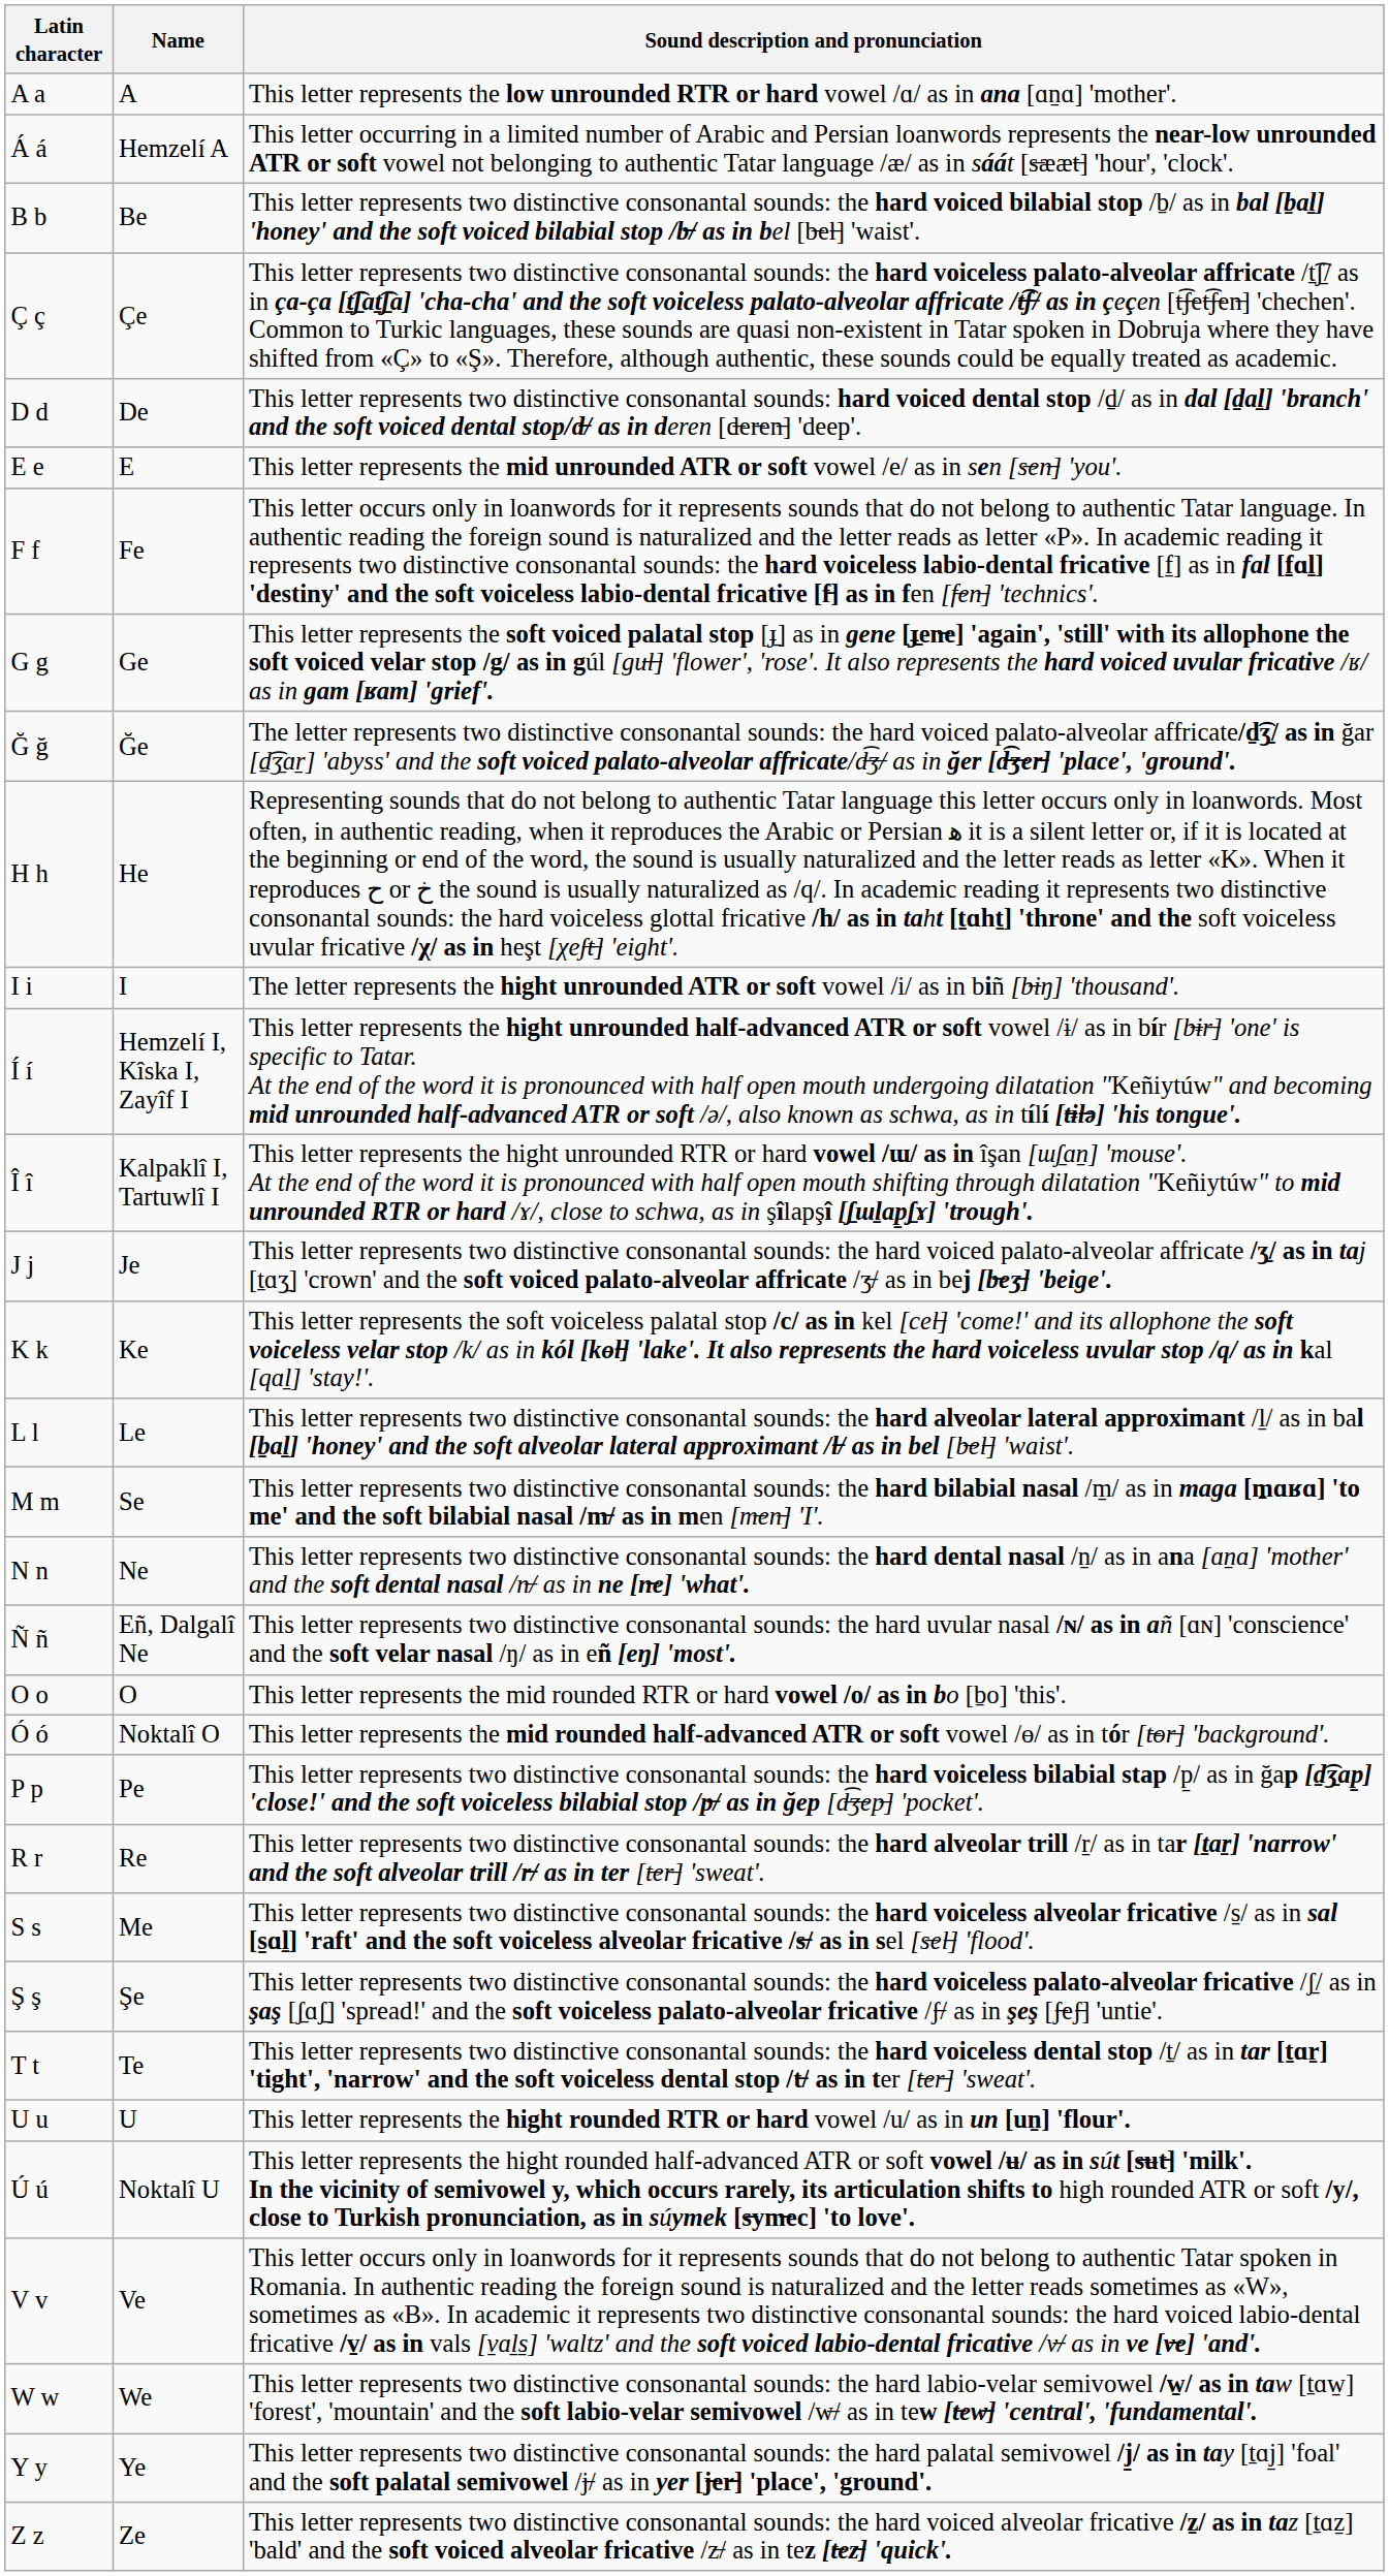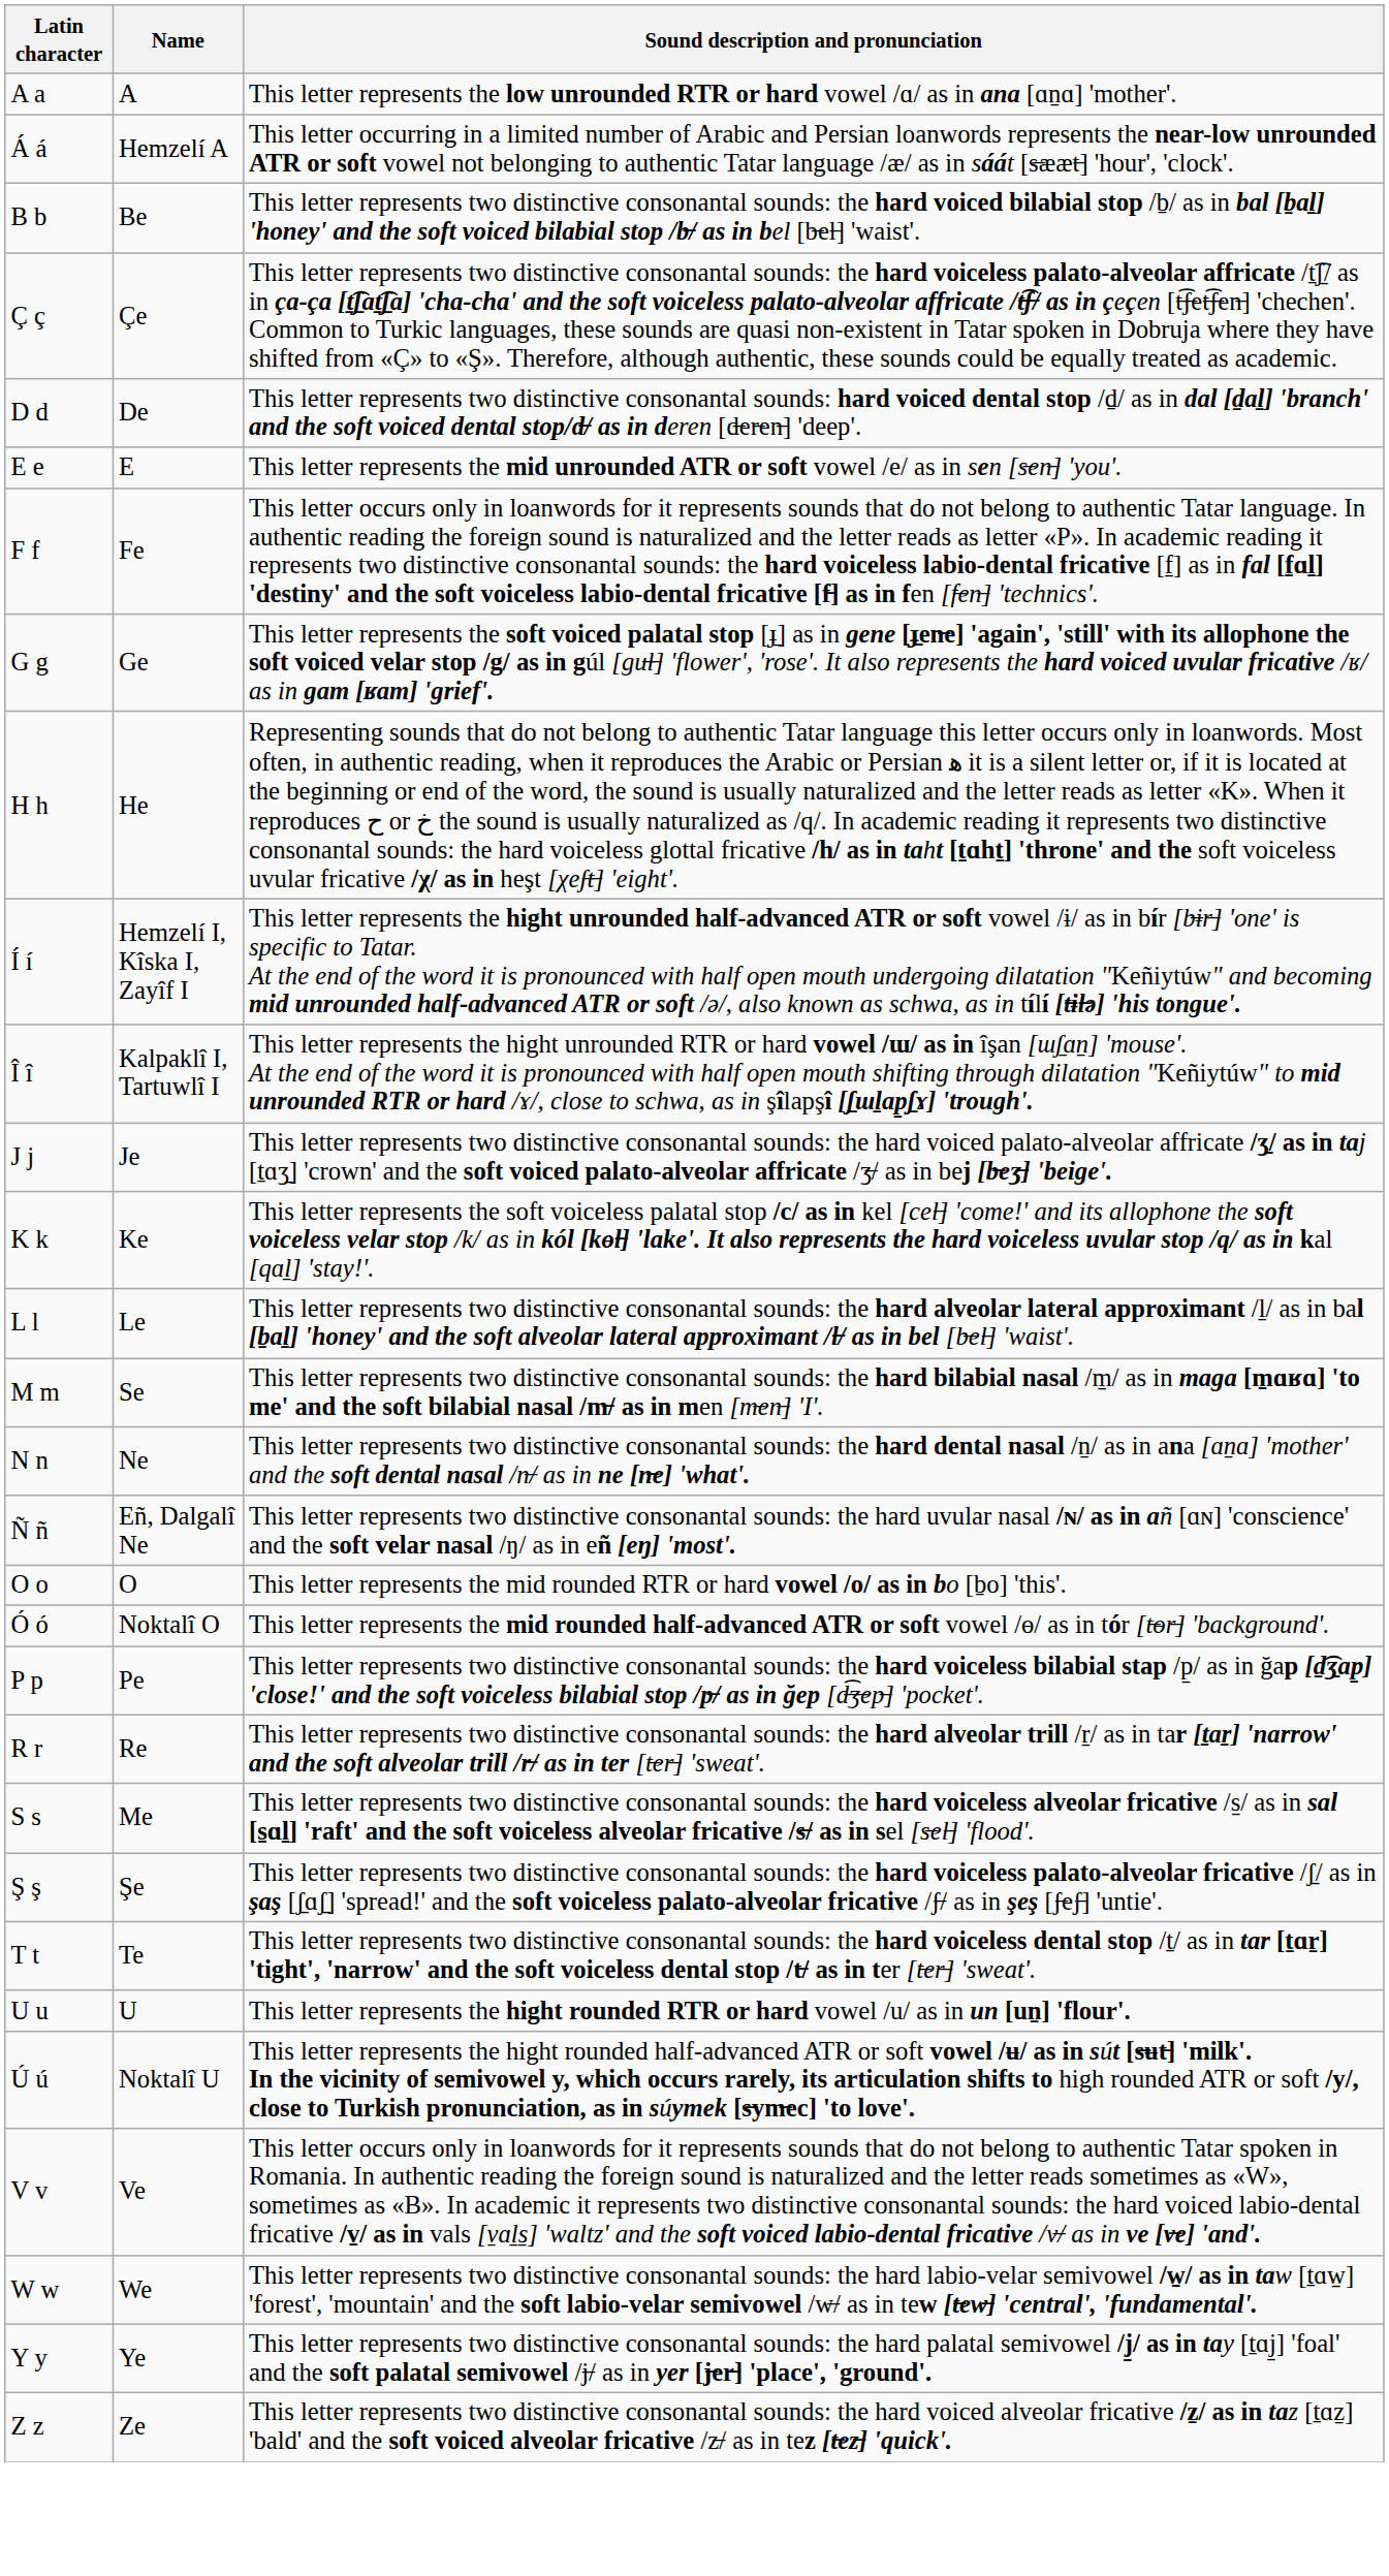 <table class="wikitable sortable" style="font-feature-settings:'cv50' 1;">
 <tr>
 <th><small>Latin character</small></th>
 <th><small>Name</small></th>
 <th><small>Sound description and pronunciation</small></th>
 </tr>
 <tr>
 <td>A a</td>
 <td>A</td>
 <td>This letter represents the <strong>low unrounded RTR or hard</strong> vowel /ɑ/ as in <strong><em>a<strong>n</strong>a</em></strong> [ɑṉɑ] 'mother'.</td>
 </tr>
 <tr>
 <td>Á á</td>
 <td>Hemzelí A</td>
 <td>This letter occurring in a limited number of Arabic and Persian loanwords represents the <strong>near-low unrounded ATR or soft</strong> vowel not belonging to authentic Tatar language /æ/ as in <em>s<strong>áá</strong>t</em> [s̶ææt̶] 'hour', 'clock'.</td>
 </tr>
 <tr>
 <td>B b</td>
 <td>Be</td>
 <td>This letter represents two distinctive consonantal sounds: the <strong>hard voiced bilabial stop</strong> /ḇ/ as in <strong><em>b<strong>al<em> [ḇaḻ] 'honey' and the </strong>soft voiced bilabial stop<strong> /b̶/ as in </em></strong>b</strong>el</em> [b̶el̶] 'waist'.</td>
 </tr>
 <tr>
 <td>Ç ç</td>
 <td>Çe</td>
 <td>This letter represents two distinctive consonantal sounds: the <strong>hard voiceless palato-alveolar affricate</strong> /ṯ͡ʃ̱/ as in <strong><em>ç<strong>a-</strong>ç<strong>a<em> [ṯ͡ʃ̱ɑṯ͡ʃ̱ɑ] 'cha-cha' and the </strong>soft voiceless palato-alveolar affricate<strong> /t̶͡ʃ̶/ as in </em></strong>ç</strong>e<strong>ç</strong>en</em> [t̶͡ʃ̶et̶͡ʃ̶en̶] 'chechen'.<br>Common to Turkic languages, these sounds are quasi non-existent in Tatar spoken in Dobruja where they have shifted from «Ç» to «Ş». Therefore, although authentic, these sounds could be equally treated as academic.</td>
 </tr>
 <tr>
 <td>D d</td>
 <td>De</td>
 <td>This letter represents two distinctive consonantal sounds: <strong>hard voiced dental stop</strong> /ḏ/ as in <strong><em>d<strong>al<em> [ḏɑḻ] 'branch' and the </strong>soft voiced dental stop<strong>/d̶/ as in </em></strong>d</strong>eren</em> [d̶er̶en̶] 'deep'.</td>
 </tr>
 <tr>
 <td>E e</td>
 <td>E</td>
 <td>This letter represents the <strong>mid unrounded ATR or soft</strong> vowel /e/ as in <em>s<strong>e</strong>n [s̶en̶] 'you'.</td>
 </tr>
 <tr>
 <td>F f</td>
 <td>Fe</td>
 <td>This letter occurs only in loanwords for it represents sounds that do not belong to authentic Tatar language. In authentic reading the foreign sound is naturalized and the letter reads as letter «P». In academic reading it represents two distinctive consonantal sounds: the <strong>hard voiceless labio-dental fricative</strong> [f̱] as in <strong><em>f<strong>al</em> [f̱ɑḻ] 'destiny' and the </strong>soft voiceless labio-dental fricative<strong> [f̶] as in </em></strong>f</strong>en<em> [f̶en̶] 'technics'.</td>
 </tr>
 <tr>
 <td>G g</td>
 <td>Ge</td>
 <td>This letter represents the <strong>soft voiced palatal stop</strong> [ɟ̱] as in <strong><em>g<strong>ene</em> [ɟ̱en̶e] 'again', 'still' with its allophone the </strong>soft voiced velar stop<strong> /g/ as in </em></strong>g</strong>úl<em> [gu̶l̶] 'flower', 'rose'. It also represents the <strong>hard voiced uvular fricative</strong> /ʁ/ as in <strong><em>g<strong>am</em> [ʁɑm] 'grief'.</td>
 </tr>
 <tr>
-<td>Ğ ğ</td>
-<td>Ğe</td>
-<td>The letter represents two distinctive consonantal sounds: the </strong>hard voiced palato-alveolar affricate<strong>/ḏ͡ʒ̱/ as in </em></strong>ğ</strong>ar<em> [ḏ͡ʒ̱ɑṟ] 'abyss' and the <strong>soft voiced palato-alveolar affricate</strong>/d̶͡ʒ̶/ as in <strong><em>ğ<strong>er</em> [d̶͡ʒ̶er̶] 'place', 'ground'.</td>
-</tr>
-<tr>
 <td>H h</td>
 <td>He</td>
 <td>Representing sounds that do not belong to authentic Tatar language this letter occurs only in loanwords. Most often, in authentic reading, when it reproduces the Arabic or Persian ه‍ it is a silent letter or, if it is located at the beginning or end of the word, the sound is usually naturalized and the letter reads as letter «K». When it reproduces ح or خ the sound is usually naturalized as /q/. In academic reading it represents two distinctive consonantal sounds: the </strong>hard voiceless glottal fricative<strong> /h/ as in <em>ta</strong>h<strong>t</em> [ṯɑhṯ] 'throne' and the </strong>soft voiceless uvular fricative<strong> /χ/ as in </em></strong>h</strong>eşt<em> [χeʃ̶t̶] 'eight'.</td>
-</tr>
-<tr>
-<td>I i</td>
-<td>I</td>
-<td>The letter represents the <strong>hight unrounded ATR or soft</strong> vowel /i/ as in </em>b<strong>i</strong>ñ<em> [b̶iŋ] 'thousand'.</td>
 </tr>
 <tr>
 <td>Í í</td>
 <td>Hemzelí I, Kîska I, Zayîf I</td>
 <td>This letter represents the <strong>hight unrounded half-advanced ATR or soft</strong> vowel /ɨ/ as in </em>b<strong>í</strong>r<em> [b̶ɨr̶] 'one' is specific to Tatar.<br>At the end of the word it is pronounced with half open mouth undergoing dilatation "</em>Keñiytúw<em>" and becoming <strong>mid unrounded half-advanced ATR or soft</strong> /ə/, also known as schwa, as in </em>t<strong>í</strong>l<strong>í<strong><em> [t̶ɨl̶ə] 'his tongue'.</td>
 </tr>
 <tr>
 <td>Î î</td>
 <td>Kalpaklî I, Tartuwlî I</td>
 <td>This letter represents the </strong>hight unrounded RTR or hard<strong> vowel /ɯ/ as in </em></strong>î</strong>şan<em> [ɯʃ̱ɑṉ] 'mouse'.<br>At the end of the word it is pronounced with half open mouth shifting through dilatation "</em>Keñiytúw<em>" to <strong>mid unrounded RTR or hard</strong> /ɤ/, close to schwa, as in </em>ş<strong>î</strong>lapş<strong>î<strong><em> [ʃ̱ɯḻɑp̱ʃ̱ɤ] 'trough'.</td>
 </tr>
 <tr>
 <td>J j</td>
 <td>Je</td>
 <td>This letter represents two distinctive consonantal sounds: the </strong>hard voiced palato-alveolar affricate<strong> /ʒ̱/ as in <em>ta</strong>j</em></strong> [ṯɑʒ̱] 'crown' and the <strong>soft voiced palato-alveolar affricate</strong> /ʒ̶/ as in </em>be<strong>j<strong><em> [b̶eʒ̶] 'beige'.</td>
 </tr>
 <tr>
 <td>K k</td>
 <td>Ke</td>
 <td>This letter represents the </strong>soft voiceless palatal stop<strong> /c/ as in </em></strong>k</strong>el<em> [cel̶] 'come!' and its allophone the <strong>soft voiceless velar stop</strong> /k/ as in <strong><em>k<strong>ól</em> [kɵl̶] 'lake'. It also represents the </strong>hard voiceless uvular stop<strong> /q/ as in </em></strong>k</strong>al<em> [qɑḻ] 'stay!'.</td>
 </tr>
 <tr>
 <td>L l</td>
 <td>Le</td>
 <td>This letter represents two distinctive consonantal sounds: the <strong>hard alveolar lateral approximant</strong> /ḻ/ as in </em>ba<strong>l<strong><em> [ḇɑḻ] 'honey' and the </strong>soft alveolar lateral approximant<strong> /l̶/ as in <em>be</strong>l</em></strong> [b̶el̶] 'waist'.</td>
 </tr>
 <tr>
 <td>M m</td>
 <td>Se</td>
 <td>This letter represents two distinctive consonantal sounds: the <strong>hard bilabial nasal</strong> /m̱/ as in <strong><em>m<strong>aga</em> [m̱ɑʁɑ] 'to me' and the </strong>soft bilabial nasal<strong> /m̶/ as in </em></strong>m</strong>en<em> [m̶en̶] 'I'.</td>
 </tr>
 <tr>
 <td>N n</td>
 <td>Ne</td>
 <td>This letter represents two distinctive consonantal sounds: the <strong>hard dental nasal</strong> /ṉ/ as in </em>a<strong>n</strong>a<em> [ɑṉɑ] 'mother' and the <strong>soft dental nasal</strong> /n̶/ as in <strong><em>n<strong>e</em> [n̶e] 'what'.</td>
 </tr>
 <tr>
 <td>Ñ ñ</td>
 <td>Eñ, Dalgalî Ne</td>
 <td>This letter represents two distinctive consonantal sounds: the </strong>hard uvular nasal<strong> /ɴ/ as in <em>a</strong>ñ</em></strong> [ɑɴ] 'conscience' and the <strong>soft velar nasal</strong> /ŋ/ as in </em>e<strong>ñ<strong><em> [eŋ] 'most'.</td>
 </tr>
 <tr>
 <td>O o</td>
 <td>O</td>
 <td>This letter represents the </strong>mid rounded RTR or hard<strong> vowel /o/ as in <em>b</strong>o</em></strong> [ḇo] 'this'.</td>
 </tr>
 <tr>
 <td>Ó ó</td>
 <td>Noktalî O</td>
 <td>This letter represents the <strong>mid rounded half-advanced ATR or soft</strong> vowel /ɵ/ as in </em>t<strong>ó</strong>r<em> [t̶ɵr̶] 'background'.</td>
 </tr>
 <tr>
 <td>P p</td>
 <td>Pe</td>
 <td>This letter represents two distinctive consonantal sounds: the <strong>hard voiceless bilabial stap</strong> /p̱/ as in </em>ğa<strong>p<strong><em> [ḏ͡ʒ̱ɑp̱] 'close!' and the </strong>soft voiceless bilabial stop<strong> /p̶/ as in <em>ğe</strong>p</em></strong> [d̶͡ʒ̶ep̶] 'pocket'.</td>
 </tr>
 <tr>
 <td>R r</td>
 <td>Re</td>
 <td>This letter represents two distinctive consonantal sounds: the <strong>hard alveolar trill</strong> /ṟ/ as in </em>ta<strong>r<strong><em> [ṯɑṟ] 'narrow' and the </strong>soft alveolar trill<strong> /r̶/ as in <em>te</strong>r</em></strong> [t̶er̶] 'sweat'.</td>
 </tr>
 <tr>
 <td>S s</td>
 <td>Me</td>
 <td>This letter represents two distinctive consonantal sounds: the <strong>hard voiceless alveolar fricative</strong> /s̱/ as in <strong><em>s<strong>al</em> [s̱ɑḻ] 'raft' and the </strong>soft voiceless alveolar fricative<strong> /s̶/ as in </em></strong>s</strong>el<em> [s̶el̶] 'flood'.</td>
 </tr>
 <tr>
 <td>Ş ş</td>
 <td>Şe</td>
 <td>This letter represents two distinctive consonantal sounds: the <strong>hard voiceless palato-alveolar fricative</strong> /ʃ̱/ as in <strong><em>ş<strong>a</strong>ş</em></strong> [ʃ̱ɑʃ̱] 'spread!' and the <strong>soft voiceless palato-alveolar fricative</strong> /ʃ̶/ as in <strong><em>ş<strong>e</strong>ş</em></strong> [ʃ̶eʃ̶] 'untie'.</td>
 </tr>
 <tr>
 <td>T t</td>
 <td>Te</td>
 <td>This letter represents two distinctive consonantal sounds: the <strong>hard voiceless dental stop</strong> /ṯ/ as in <strong><em>t<strong>ar</em> [ṯɑṟ] 'tight', 'narrow' and the </strong>soft voiceless dental stop<strong> /t̶/ as in </em></strong>t</strong>er<em> [t̶er̶] 'sweat'.</td>
 </tr>
 <tr>
 <td>U u</td>
 <td>U</td>
 <td>This letter represents the <strong>hight rounded RTR or hard</strong> vowel /u/ as in <strong><em>u<strong>n</em> [uṉ] 'flour'.</td>
 </tr>
 <tr>
 <td>Ú ú</td>
 <td>Noktalî U</td>
 <td>This letter represents the </strong>hight rounded half-advanced ATR or soft<strong> vowel /ʉ/ as in <em>s</strong>ú<strong>t</em> [s̶ʉt̶] 'milk'.<br>In the vicinity of semivowel y, which occurs rarely, its articulation shifts to </strong>high rounded ATR or soft<strong> /y/, close to Turkish pronunciation, as in <em>s</strong>ú<strong>ymek</em> [s̶ym̶ec] 'to love'.</td>
 </tr>
 <tr>
 <td>V v</td>
 <td>Ve</td>
 <td>This letter occurs only in loanwords for it represents sounds that do not belong to authentic Tatar spoken in Romania. In authentic reading the foreign sound is naturalized and the letter reads sometimes as «W», sometimes as «B». In academic it represents two distinctive consonantal sounds: the </strong>hard voiced labio-dental fricative<strong> /v̱/ as in </em></strong>v</strong>als<em> [v̱ɑḻs̱] 'waltz' and the <strong>soft voiced labio-dental fricative</strong> /v̶/ as in <strong><em>v<strong>e</em> [v̶e] 'and'.</td>
 </tr>
 <tr>
 <td>W w</td>
 <td>We</td>
 <td>This letter represents two distinctive consonantal sounds: the </strong>hard labio-velar semivowel<strong> /w̱/ as in <em>ta</strong>w</em></strong> [ṯɑw̱] 'forest', 'mountain' and the <strong>soft labio-velar semivowel</strong> /w̶/ as in </em>te<strong>w<strong><em> [t̶ew̶] 'central', 'fundamental'.</td>
 </tr>
 <tr>
 <td>Y y</td>
 <td>Ye</td>
 <td>This letter represents two distinctive consonantal sounds: the </strong>hard palatal semivowel<strong> /j̠/ as in <em>ta</strong>y</em></strong> [ṯɑj̠] 'foal' and the <strong>soft palatal semivowel</strong> /j̶/ as in <strong><em>y<strong>er</em> [j̶er̶] 'place', 'ground'.</td>
 </tr>
 <tr>
 <td>Z z</td>
 <td>Ze</td>
 <td>This letter represents two distinctive consonantal sounds: the </strong>hard voiced alveolar fricative<strong> /ẕ/ as in <em>ta</strong>z</em></strong> [ṯɑẕ] 'bald' and the <strong>soft voiced alveolar fricative</strong> /z̶/ as in </em>te<strong>z<strong><em> [t̶ez̶] 'quick'.</td>
 </tr>
 </table>
